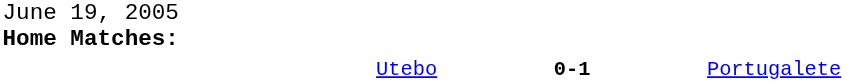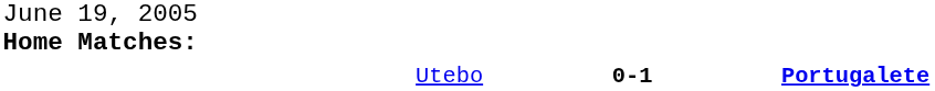 <table width=100% cellspacing=1>
 <tr>
 <th width=20%></th>
 <th width=12%></th>
 <th width=20%></th>
 <th></th>
 </tr>
 <tr>
 <td>June 19, 2005<br><strong>Home Matches:</strong></td>
 </tr>
 <tr style=font-size:90%>
 <td align=right><a href='#'>Utebo</a></td>
 <td align=center><strong>0-1</strong></td>
-<td><a href='#'>Portugalete</a></td>
+<td><strong><a href='#'>Portugalete</a></strong></td>
 </tr>
 </table>
